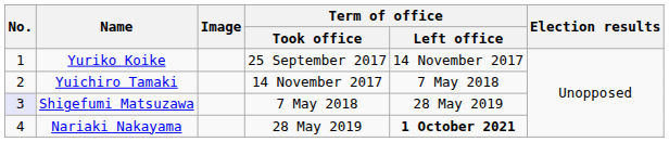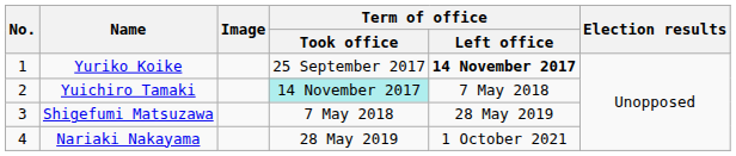 <table class="wikitable" style="text-align:center">
 <tr>
 <th rowspan="2">No.</th>
 <th rowspan="2">Name</th>
 <th rowspan="2">Image</th>
 <th colspan="2">Term of office</th>
 <th rowspan="2">Election results</th>
 </tr>
 <tr>
 <th>Took office</th>
 <th>Left office</th>
 </tr>
 <tr>
 <td>1</td>
 <td><a href='#'>Yuriko Koike</a></td>
 <td></td>
 <td>25 September 2017</td>
-<td>14 November 2017</td>
+<td><strong>14 November 2017</strong></td>
 <td rowspan="4">Unopposed</td>
 </tr>
 <tr>
 <td>2</td>
 <td><a href='#'>Yuichiro Tamaki</a></td>
 <td></td>
-<td>14 November 2017</td>
+<td style="background: paleturquoise;">14 November 2017</td>
 <td>7 May 2018</td>
 </tr>
 <tr>
-<td style="background: lavender;">3</td>
+<td>3</td>
 <td><a href='#'>Shigefumi Matsuzawa</a></td>
 <td></td>
 <td>7 May 2018</td>
 <td>28 May 2019</td>
 </tr>
 <tr>
 <td>4</td>
 <td><a href='#'>Nariaki Nakayama</a></td>
 <td></td>
 <td>28 May 2019</td>
-<td><strong>1 October 2021</strong></td>
+<td>1 October 2021</td>
 </tr>
 </table>
